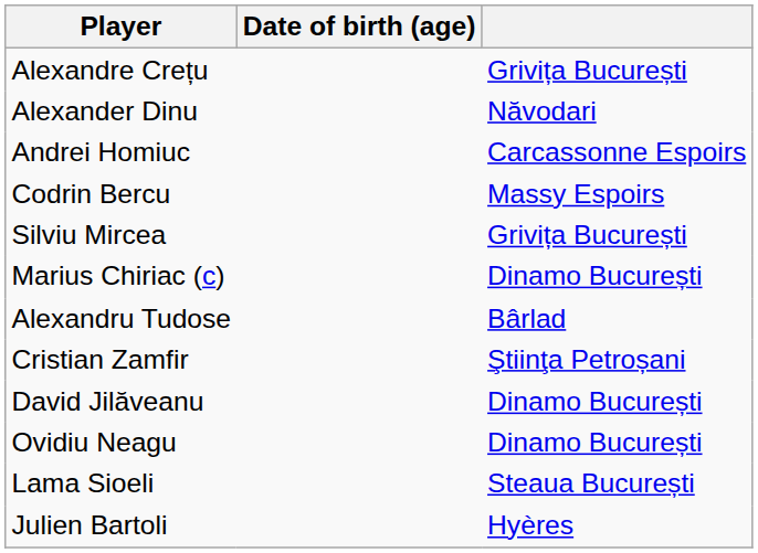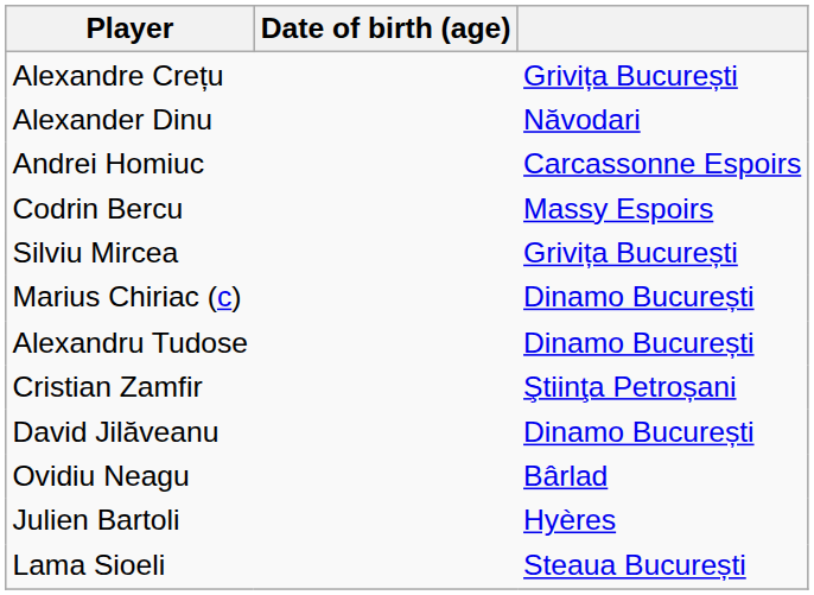 <table class="sortable wikitable plainrowheaders" style="font-size:">
 <tr>
 <th scope="col">Player</th>
 <th scope="col">Date of birth (age)</th>
 <th scope="col"></th>
 </tr>
 <tr>
 <td style="text-align:left; border:0">Alexandre Crețu</td>
 <td style="text-align:left; border:0"></td>
 <td style="text-align:left; border:0"> <a href='#'>Grivița București</a></td>
 </tr>
 <tr>
 <td style="text-align:left; border:0">Alexander Dinu</td>
 <td style="text-align:left; border:0"></td>
 <td style="text-align:left; border:0"> <a href='#'>Năvodari</a></td>
 </tr>
 <tr>
 <td style="text-align:left; border:0">Andrei Homiuc</td>
 <td style="text-align:left; border:0"></td>
 <td style="text-align:left; border:0"> <a href='#'>Carcassonne Espoirs</a></td>
 </tr>
 <tr>
 <td style="text-align:left; border:0">Codrin Bercu</td>
 <td style="text-align:left; border:0"></td>
 <td style="text-align:left; border:0"> <a href='#'>Massy Espoirs</a></td>
 </tr>
 <tr>
 <td style="text-align:left; border:0">Silviu Mircea</td>
 <td style="text-align:left; border:0"></td>
 <td style="text-align:left; border:0"> <a href='#'>Grivița București</a></td>
 </tr>
 <tr>
 <td style="text-align:left; border:0">Marius Chiriac (<a href='#'>c</a>)</td>
 <td style="text-align:left; border:0"></td>
 <td style="text-align:left; border:0"> <a href='#'>Dinamo București</a></td>
 </tr>
 <tr>
 <td style="text-align:left; border:0">Alexandru Tudose</td>
 <td style="text-align:left; border:0"></td>
-<td style="text-align:left; border:0"> <a href='#'>Bârlad</a></td>
+<td style="text-align:left; border:0"> <a href='#'>Dinamo București</a></td>
 </tr>
 <tr>
 <td style="text-align:left; border:0">Cristian Zamfir</td>
 <td style="text-align:left; border:0"></td>
 <td style="text-align:left; border:0"> <a href='#'>Ştiinţa Petroșani</a></td>
 </tr>
 <tr>
 <td style="text-align:left; border:0">David Jilăveanu</td>
 <td style="text-align:left; border:0"></td>
 <td style="text-align:left; border:0"> <a href='#'>Dinamo București</a></td>
 </tr>
 <tr>
 <td style="text-align:left; border:0">Ovidiu Neagu</td>
 <td style="text-align:left; border:0"></td>
-<td style="text-align:left; border:0"> <a href='#'>Dinamo București</a></td>
+<td style="text-align:left; border:0"> <a href='#'>Bârlad</a></td>
+</tr>
+<tr>
+<td style="text-align:left; border:0">Julien Bartoli</td>
+<td style="text-align:left; border:0"></td>
+<td style="text-align:left; border:0"> <a href='#'>Hyères</a></td>
 </tr>
 <tr>
 <td style="text-align:left; border:0">Lama Sioeli</td>
 <td style="text-align:left; border:0"></td>
 <td style="text-align:left; border:0"> <a href='#'>Steaua București</a></td>
 </tr>
-<tr>
-<td style="text-align:left; border:0">Julien Bartoli</td>
-<td style="text-align:left; border:0"></td>
-<td style="text-align:left; border:0"> <a href='#'>Hyères</a></td>
-</tr>
 </table>
